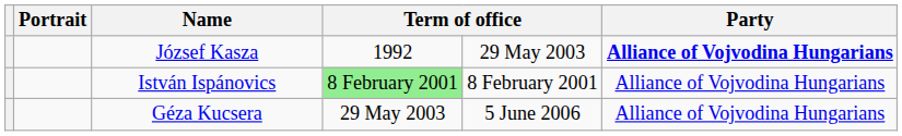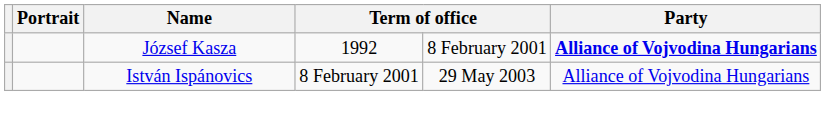 <table class="wikitable" style="text-align:center">
 <tr>
 <th></th>
 <th>Portrait</th>
 <th width=180>Name<br></th>
 <th colspan=2>Term of office</th>
 <th>Party</th>
 </tr>
 <tr>
 <th style="background:"></th>
 <td></td>
 <td><a href='#'>József Kasza</a><br></td>
 <td>1992</td>
-<td>29 May 2003</td>
+<td>8 February 2001</td>
 <td><strong><a href='#'>Alliance of Vojvodina Hungarians</a></strong></td>
 </tr>
 <tr>
 <th style="background:"></th>
 <td></td>
 <td><a href='#'>István Ispánovics</a><br></td>
-<td style="background: lightgreen;">8 February 2001</td>
 <td>8 February 2001</td>
-<td><a href='#'>Alliance of Vojvodina Hungarians</a></td>
-</tr>
-<tr>
-<th style="background:"></th>
-<td></td>
-<td><a href='#'>Géza Kucsera</a><br></td>
 <td>29 May 2003</td>
-<td>5 June 2006</td>
 <td><a href='#'>Alliance of Vojvodina Hungarians</a></td>
 </tr>
 </table>
